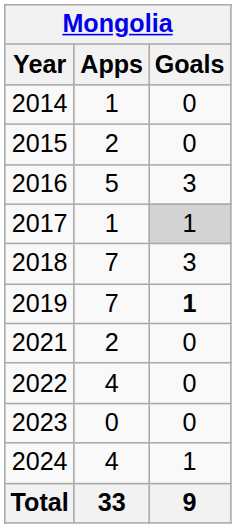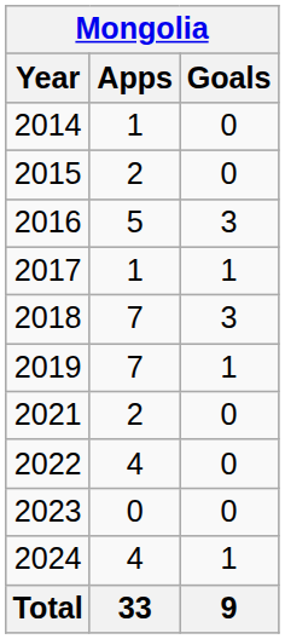 <table class="wikitable" style="text-align:center">
 <tr>
 <th colspan=3><a href='#'>Mongolia</a></th>
 </tr>
 <tr>
 <th>Year</th>
 <th>Apps</th>
 <th>Goals</th>
 </tr>
 <tr>
 <td>2014</td>
 <td>1</td>
 <td>0</td>
 </tr>
 <tr>
 <td>2015</td>
 <td>2</td>
 <td>0</td>
 </tr>
 <tr>
 <td>2016</td>
 <td>5</td>
 <td>3</td>
 </tr>
 <tr>
 <td>2017</td>
 <td>1</td>
-<td style="background: lightgrey;">1</td>
+<td>1</td>
 </tr>
 <tr>
 <td>2018</td>
 <td>7</td>
 <td>3</td>
 </tr>
 <tr>
 <td>2019</td>
 <td>7</td>
-<td><strong>1</strong></td>
+<td>1</td>
 </tr>
 <tr>
 <td>2021</td>
 <td>2</td>
 <td>0</td>
 </tr>
 <tr>
 <td>2022</td>
 <td>4</td>
 <td>0</td>
 </tr>
 <tr>
 <td>2023</td>
 <td>0</td>
 <td>0</td>
 </tr>
 <tr>
 <td>2024</td>
 <td>4</td>
 <td>1</td>
 </tr>
 <tr>
 <th>Total</th>
 <th>33</th>
 <th>9</th>
 </tr>
 </table>
